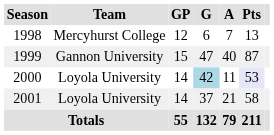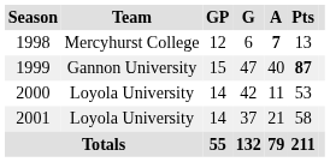 <table BORDER="0" CELLPADDING="3" CELLSPACING="0">
 <tr ALIGN="center" bgcolor="#e0e0e0">
 <th>Season</th>
 <th>Team</th>
 <th>GP</th>
 <th>G</th>
 <th>A</th>
 <th>Pts</th>
 <th></th>
 </tr>
 <tr ALIGN="center">
 <td>1998</td>
 <td>Mercyhurst College</td>
 <td>12</td>
 <td>6</td>
-<td>7</td>
+<td><strong>7</strong></td>
 <td>13</td>
 <td></td>
 </tr>
 <tr ALIGN="center" bgcolor="#f0f0f0">
 <td>1999</td>
 <td>Gannon University</td>
 <td>15</td>
 <td>47</td>
 <td>40</td>
-<td>87</td>
+<td><strong>87</strong></td>
 <td></td>
 </tr>
 <tr ALIGN="center">
 <td>2000</td>
 <td>Loyola University</td>
 <td>14</td>
-<td style="background: lightblue;">42</td>
+<td>42</td>
 <td>11</td>
-<td style="background: lavender;">53</td>
+<td>53</td>
 <td></td>
 </tr>
 <tr ALIGN="center" bgcolor="#f0f0f0">
 <td>2001</td>
 <td>Loyola University</td>
 <td>14</td>
 <td>37</td>
 <td>21</td>
 <td>58</td>
 <td></td>
 </tr>
 <tr ALIGN="center" bgcolor="#e0e0e0">
 <th colspan="2">Totals</th>
 <th>55</th>
 <th>132</th>
 <th>79</th>
 <th>211</th>
 <th></th>
 </tr>
 </table>
